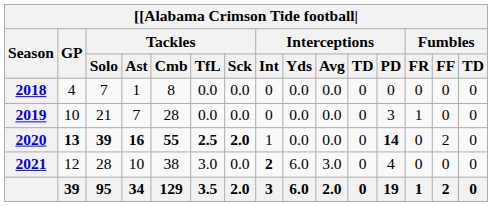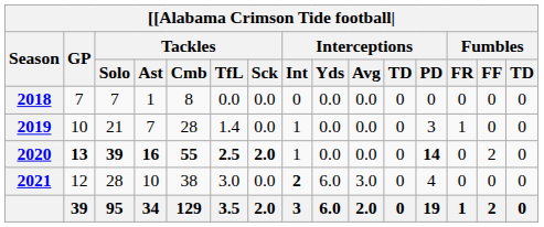 <table class="wikitable" style="text-align:center;">
 <tr>
 <th colspan="15">[[Alabama Crimson Tide football|</th>
 </tr>
 <tr>
 <th rowspan="2">Season</th>
 <th rowspan="2">GP</th>
 <th colspan="5">Tackles</th>
 <th colspan="5">Interceptions</th>
 <th colspan="3">Fumbles</th>
 </tr>
 <tr>
 <th>Solo</th>
 <th>Ast</th>
 <th>Cmb</th>
 <th>TfL</th>
 <th>Sck</th>
 <th>Int</th>
 <th>Yds</th>
 <th>Avg</th>
 <th>TD</th>
 <th>PD</th>
 <th>FR</th>
 <th>FF</th>
 <th>TD</th>
 </tr>
 <tr>
 <th><a href='#'>2018</a></th>
-<td>4</td>
+<td>7</td>
 <td>7</td>
 <td>1</td>
 <td>8</td>
 <td>0.0</td>
 <td>0.0</td>
 <td>0</td>
 <td>0.0</td>
 <td>0.0</td>
 <td>0</td>
 <td>0</td>
 <td>0</td>
 <td>0</td>
 <td>0</td>
 </tr>
 <tr>
 <th><a href='#'>2019</a></th>
 <td>10</td>
 <td>21</td>
 <td>7</td>
 <td>28</td>
+<td>1.4</td>
 <td>0.0</td>
-<td>0.0</td>
-<td>0</td>
+<td>1</td>
 <td>0.0</td>
 <td>0.0</td>
 <td>0</td>
 <td>3</td>
 <td>1</td>
 <td>0</td>
 <td>0</td>
 </tr>
 <tr>
 <th><a href='#'>2020</a></th>
 <td><strong>13</strong></td>
 <td><strong>39</strong></td>
 <td><strong>16</strong></td>
 <td><strong>55</strong></td>
 <td><strong>2.5</strong></td>
 <td><strong>2.0</strong></td>
 <td>1</td>
 <td>0.0</td>
 <td>0.0</td>
 <td>0</td>
 <td><strong>14</strong></td>
 <td>0</td>
 <td>2</td>
 <td>0</td>
 </tr>
 <tr>
 <th><a href='#'>2021</a></th>
 <td>12</td>
 <td>28</td>
 <td>10</td>
 <td>38</td>
 <td>3.0</td>
 <td>0.0</td>
 <td><strong>2</strong></td>
 <td>6.0</td>
 <td>3.0</td>
 <td>0</td>
 <td>4</td>
 <td>0</td>
 <td>0</td>
 <td>0</td>
 </tr>
 <tr>
 <th></th>
 <th>39</th>
 <th>95</th>
 <th>34</th>
 <th>129</th>
 <th>3.5</th>
 <th>2.0</th>
 <th>3</th>
 <th>6.0</th>
 <th>2.0</th>
 <th>0</th>
 <th>19</th>
 <th>1</th>
 <th>2</th>
 <th>0</th>
 </tr>
 </table>
